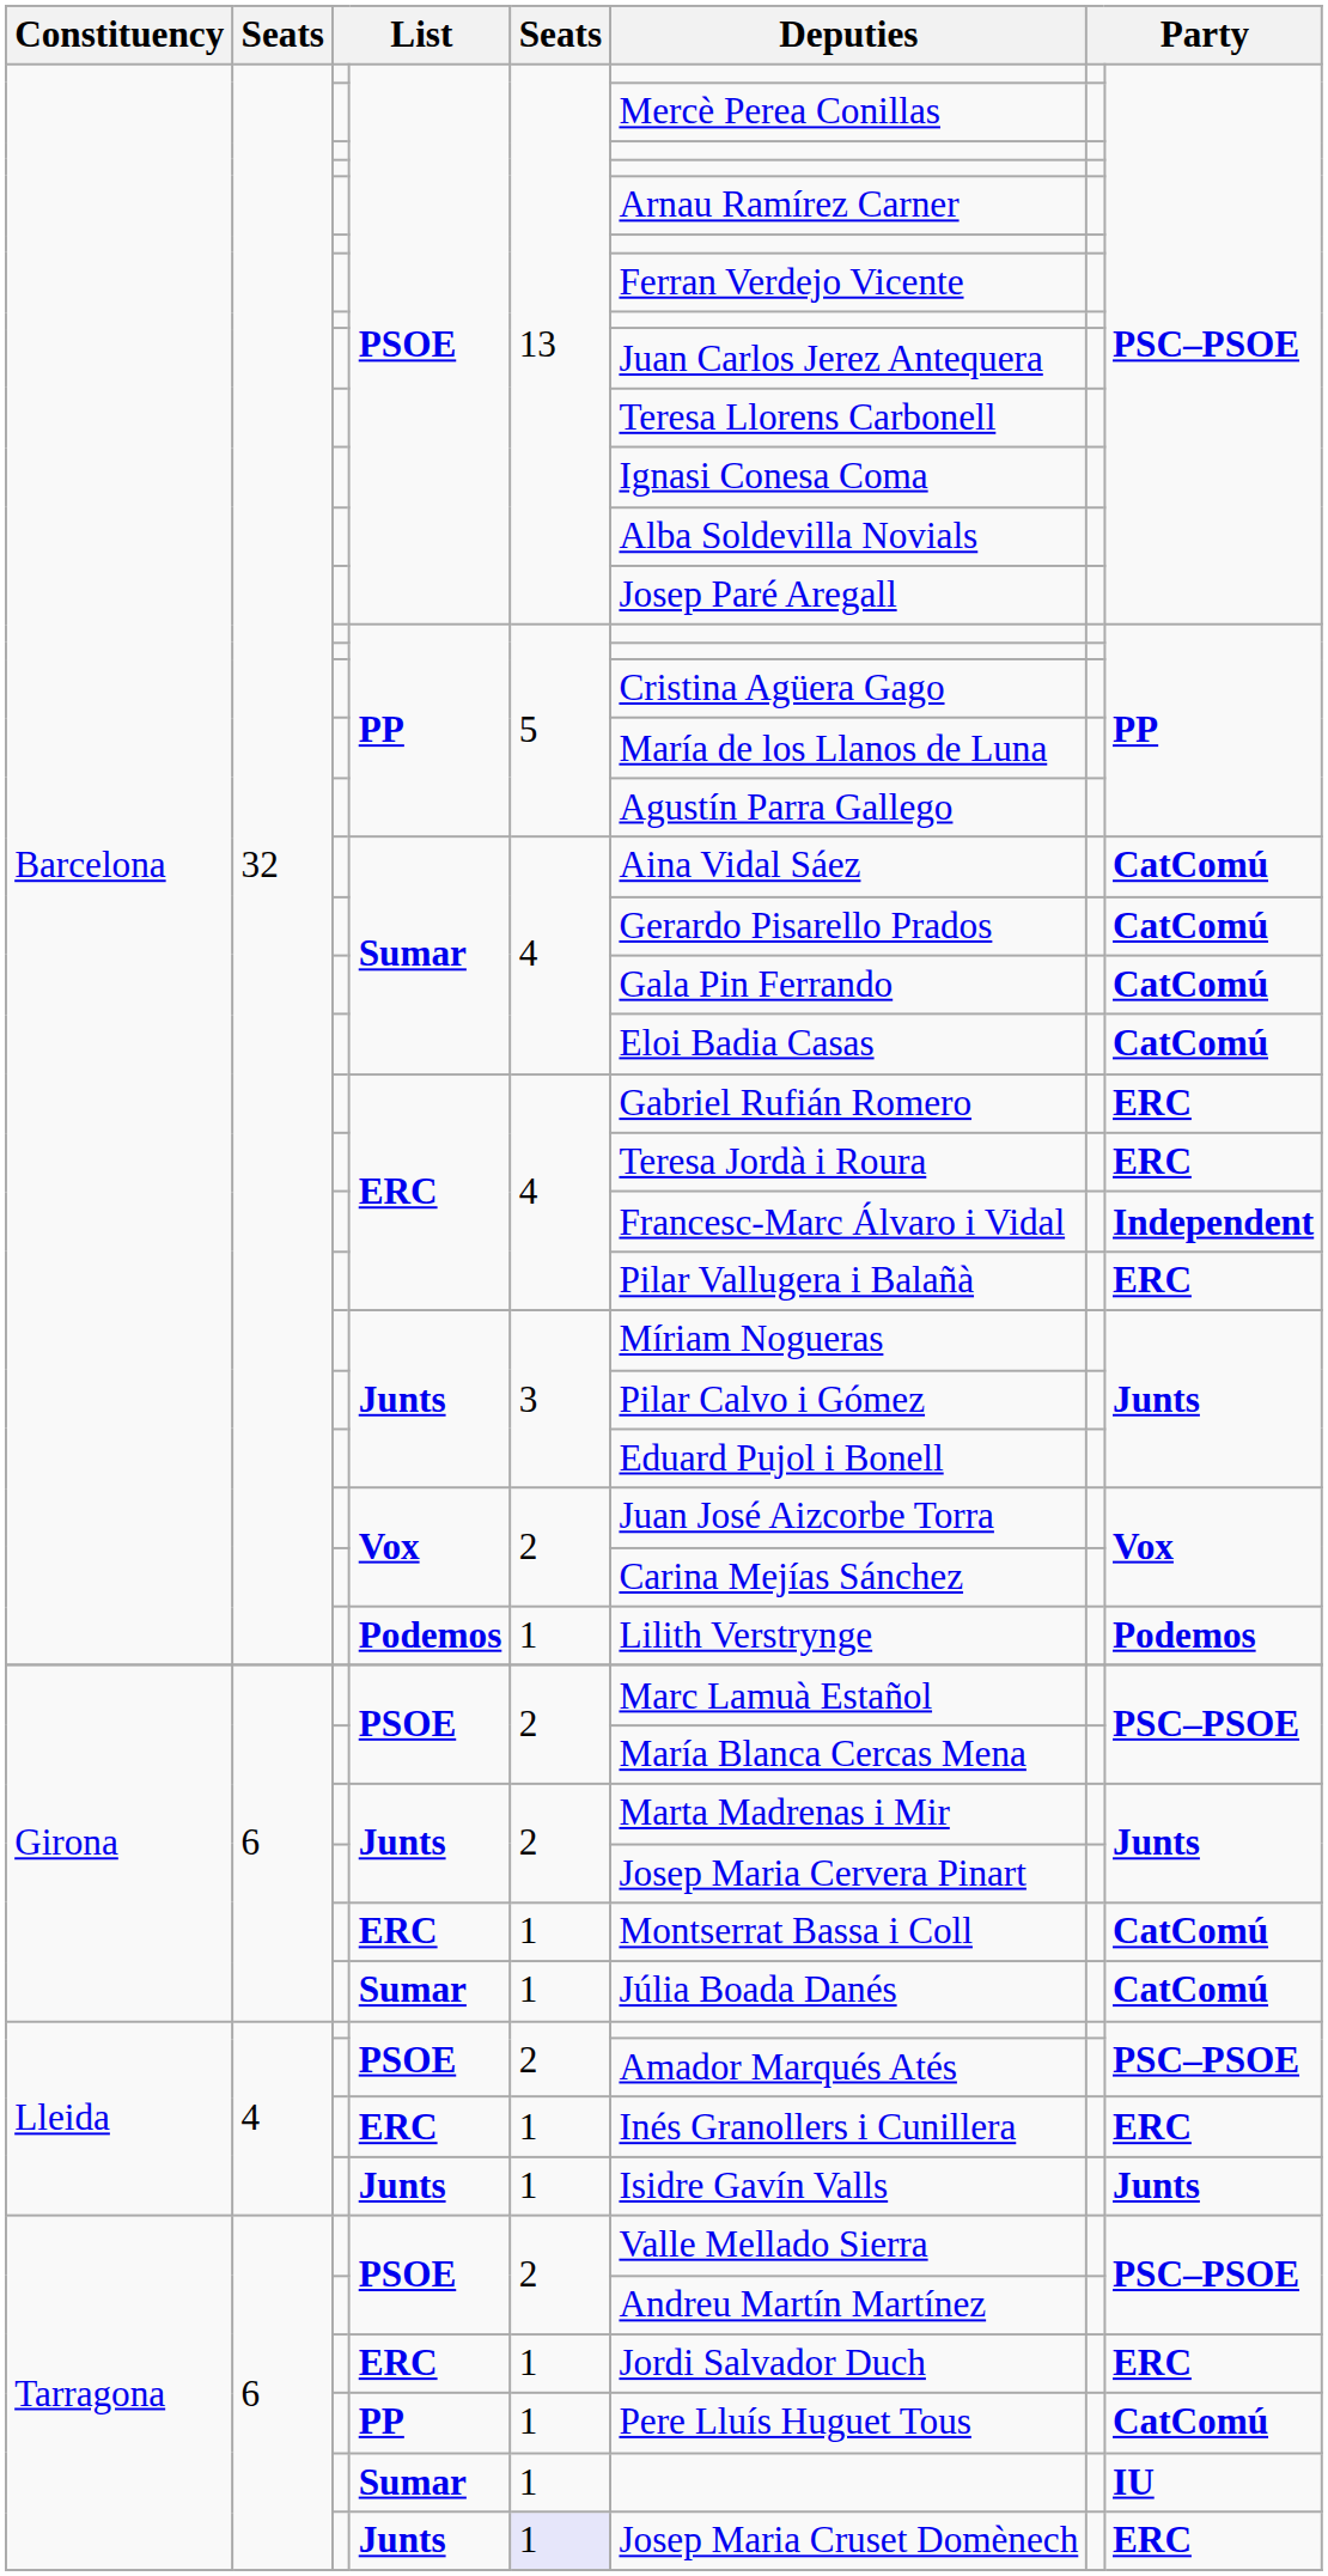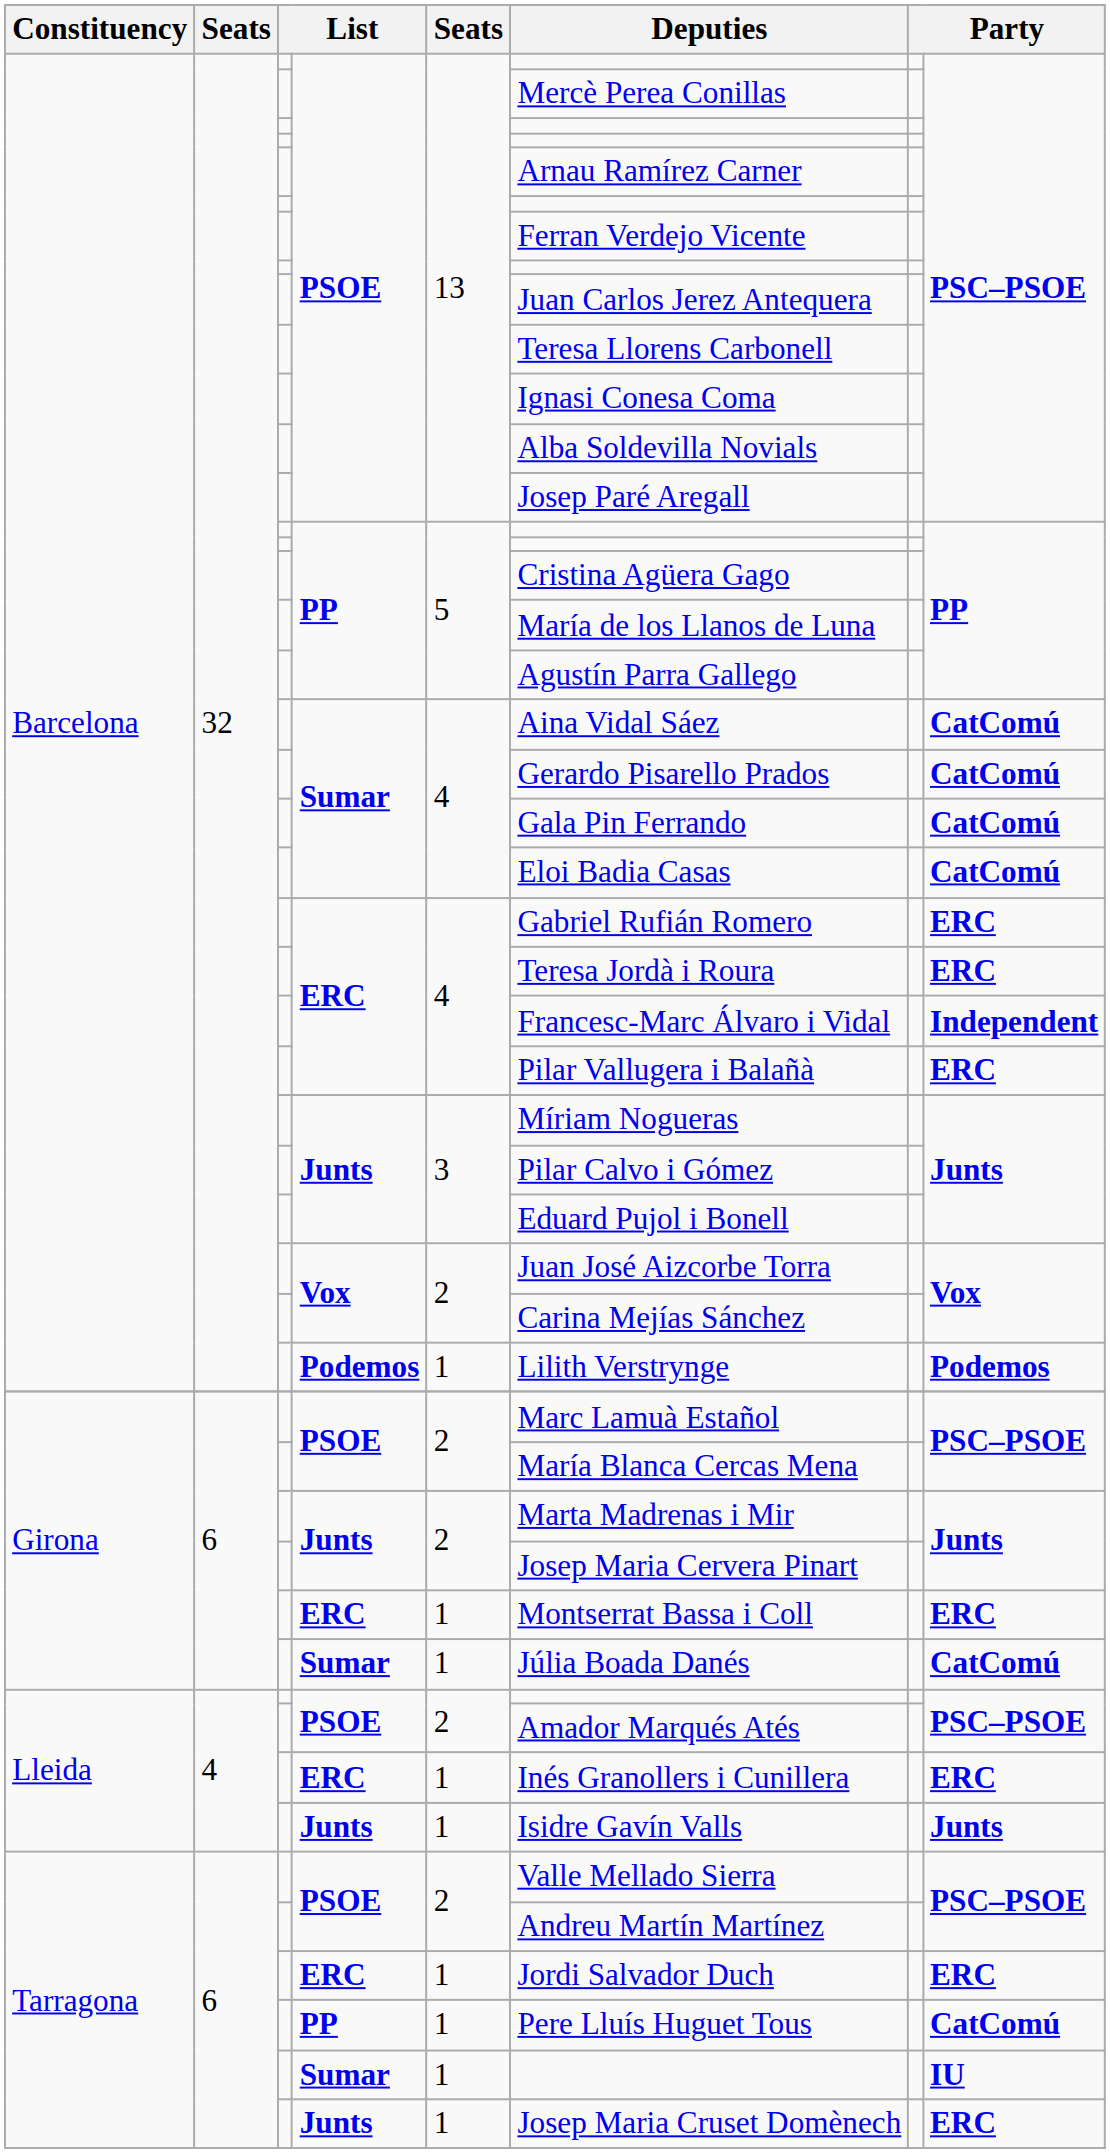 <table class="wikitable sortable">
 <tr>
 <th>Constituency</th>
 <th>Seats</th>
 <th colspan="2">List</th>
 <th>Seats</th>
 <th>Deputies</th>
 <th colspan="2">Party</th>
 </tr>
 <tr>
 <td rowspan="32"><a href='#'>Barcelona</a></td>
 <td rowspan="32">32</td>
 <td></td>
 <td rowspan="13"><strong><a href='#'>PSOE</a></strong></td>
 <td rowspan="13">13</td>
 <td></td>
 <td></td>
 <td rowspan="13"><strong><a href='#'>PSC–PSOE</a></strong></td>
 </tr>
 <tr>
 <td></td>
 <td><a href='#'>Mercè Perea Conillas</a></td>
 <td></td>
 </tr>
 <tr>
 <td></td>
 <td></td>
 <td></td>
 </tr>
 <tr>
 <td></td>
 <td></td>
 <td></td>
 </tr>
 <tr>
 <td></td>
 <td><a href='#'>Arnau Ramírez Carner</a></td>
 <td></td>
 </tr>
 <tr>
 <td></td>
 <td></td>
 <td></td>
 </tr>
 <tr>
 <td></td>
 <td><a href='#'>Ferran Verdejo Vicente</a></td>
 <td></td>
 </tr>
 <tr>
 <td></td>
 <td></td>
 <td></td>
 </tr>
 <tr>
 <td></td>
 <td><a href='#'>Juan Carlos Jerez Antequera</a></td>
 <td></td>
 </tr>
 <tr>
 <td></td>
 <td><a href='#'>Teresa Llorens Carbonell</a></td>
 <td></td>
 </tr>
 <tr>
 <td></td>
 <td><a href='#'>Ignasi Conesa Coma</a></td>
 <td></td>
 </tr>
 <tr>
 <td></td>
 <td><a href='#'>Alba Soldevilla Novials</a></td>
 <td></td>
 </tr>
 <tr>
 <td></td>
 <td><a href='#'>Josep Paré Aregall</a></td>
 <td></td>
 </tr>
 <tr>
 <td></td>
 <td rowspan="5"><strong><a href='#'>PP</a></strong></td>
 <td rowspan="5">5</td>
 <td></td>
 <td></td>
 <td rowspan="5"><strong><a href='#'>PP</a></strong></td>
 </tr>
 <tr>
 <td></td>
 <td></td>
 <td></td>
 </tr>
 <tr>
 <td></td>
 <td><a href='#'>Cristina Agüera Gago</a></td>
 <td></td>
 </tr>
 <tr>
 <td></td>
 <td><a href='#'>María de los Llanos de Luna</a></td>
 <td></td>
 </tr>
 <tr>
 <td></td>
 <td><a href='#'>Agustín Parra Gallego</a></td>
 <td></td>
 </tr>
 <tr>
 <td></td>
 <td rowspan="4"><strong><a href='#'>Sumar</a></strong></td>
 <td rowspan="4">4</td>
 <td><a href='#'>Aina Vidal Sáez</a></td>
 <td></td>
 <td><a href='#'><strong>CatComú</strong></a></td>
 </tr>
 <tr>
 <td></td>
 <td><a href='#'>Gerardo Pisarello Prados</a></td>
 <td></td>
 <td><a href='#'><strong>CatComú</strong></a></td>
 </tr>
 <tr>
 <td></td>
 <td><a href='#'>Gala Pin Ferrando</a></td>
 <td></td>
 <td><a href='#'><strong>CatComú</strong></a></td>
 </tr>
 <tr>
 <td></td>
 <td><a href='#'>Eloi Badia Casas</a></td>
 <td></td>
 <td><a href='#'><strong>CatComú</strong></a></td>
 </tr>
 <tr>
 <td></td>
 <td rowspan="4"><a href='#'><strong>ERC</strong></a></td>
 <td rowspan="4">4</td>
 <td><a href='#'>Gabriel Rufián Romero</a></td>
 <td></td>
 <td><a href='#'><strong>ERC</strong></a></td>
 </tr>
 <tr>
 <td></td>
 <td><a href='#'>Teresa Jordà i Roura</a></td>
 <td></td>
 <td><a href='#'><strong>ERC</strong></a></td>
 </tr>
 <tr>
 <td></td>
 <td><a href='#'>Francesc-Marc Álvaro i Vidal</a></td>
 <td></td>
 <td><strong><a href='#'>Independent</a></strong></td>
 </tr>
 <tr>
 <td></td>
 <td><a href='#'>Pilar Vallugera i Balañà</a></td>
 <td></td>
 <td><a href='#'><strong>ERC</strong></a></td>
 </tr>
 <tr>
 <td></td>
 <td rowspan="3"><a href='#'><strong>Junts</strong></a></td>
 <td rowspan="3">3</td>
 <td><a href='#'>Míriam Nogueras</a></td>
 <td></td>
 <td rowspan="3"><a href='#'><strong>Junts</strong></a></td>
 </tr>
 <tr>
 <td></td>
 <td><a href='#'>Pilar Calvo i Gómez</a></td>
 <td></td>
 </tr>
 <tr>
 <td></td>
 <td><a href='#'>Eduard Pujol i Bonell</a></td>
 <td></td>
 </tr>
 <tr>
 <td></td>
 <td rowspan="2"><strong><a href='#'>Vox</a></strong></td>
 <td rowspan="2">2</td>
 <td><a href='#'>Juan José Aizcorbe Torra</a></td>
 <td></td>
 <td rowspan="2"><strong><a href='#'>Vox</a></strong></td>
 </tr>
 <tr>
 <td></td>
 <td><a href='#'>Carina Mejías Sánchez</a></td>
 <td></td>
 </tr>
 <tr>
 <td></td>
 <td><strong><a href='#'>Podemos</a></strong></td>
 <td>1</td>
 <td><a href='#'>Lilith Verstrynge</a></td>
 <td></td>
 <td><strong><a href='#'>Podemos</a></strong></td>
 </tr>
 <tr>
 </tr>
 <tr>
 <td rowspan="6"><a href='#'>Girona</a></td>
 <td rowspan="6">6</td>
 <td></td>
 <td rowspan="2"><strong><a href='#'>PSOE</a></strong></td>
 <td rowspan="2">2</td>
 <td><a href='#'>Marc Lamuà Estañol</a></td>
 <td></td>
 <td rowspan="2"><strong><a href='#'>PSC–PSOE</a></strong></td>
 </tr>
 <tr>
 <td></td>
 <td><a href='#'>María Blanca Cercas Mena</a></td>
 <td></td>
 </tr>
 <tr>
 <td></td>
 <td rowspan="2"><a href='#'><strong>Junts</strong></a></td>
 <td rowspan="2">2</td>
 <td><a href='#'>Marta Madrenas i Mir</a></td>
 <td></td>
 <td rowspan="2"><a href='#'><strong>Junts</strong></a></td>
 </tr>
 <tr>
 <td></td>
 <td><a href='#'>Josep Maria Cervera Pinart</a></td>
 <td></td>
 </tr>
 <tr>
 <td></td>
 <td><a href='#'><strong>ERC</strong></a></td>
 <td>1</td>
 <td><a href='#'>Montserrat Bassa i Coll</a></td>
 <td></td>
-<td><a href='#'><strong>CatComú</strong></a></td>
+<td><a href='#'><strong>ERC</strong></a></td>
 </tr>
 <tr>
 <td></td>
 <td><strong><a href='#'>Sumar</a></strong></td>
 <td>1</td>
 <td><a href='#'>Júlia Boada Danés</a></td>
 <td></td>
 <td><a href='#'><strong>CatComú</strong></a></td>
 </tr>
 <tr>
 <td rowspan="4"><a href='#'>Lleida</a></td>
 <td rowspan="4">4</td>
 <td></td>
 <td rowspan="2"><strong><a href='#'>PSOE</a></strong></td>
 <td rowspan="2">2</td>
 <td></td>
 <td></td>
 <td rowspan="2"><strong><a href='#'>PSC–PSOE</a></strong></td>
 </tr>
 <tr>
 <td></td>
 <td><a href='#'>Amador Marqués Atés</a></td>
 <td></td>
 </tr>
 <tr>
 <td></td>
 <td><a href='#'><strong>ERC</strong></a></td>
 <td>1</td>
 <td><a href='#'>Inés Granollers i Cunillera</a></td>
 <td></td>
 <td><a href='#'><strong>ERC</strong></a></td>
 </tr>
 <tr>
 <td></td>
 <td><a href='#'><strong>Junts</strong></a></td>
 <td>1</td>
 <td><a href='#'>Isidre Gavín Valls</a></td>
 <td></td>
 <td><a href='#'><strong>Junts</strong></a></td>
 </tr>
 <tr>
 <td rowspan="6"><a href='#'>Tarragona</a></td>
 <td rowspan="6">6</td>
 <td></td>
 <td rowspan="2"><strong><a href='#'>PSOE</a></strong></td>
 <td rowspan="2">2</td>
 <td><a href='#'>Valle Mellado Sierra</a></td>
 <td></td>
 <td rowspan="2"><strong><a href='#'>PSC–PSOE</a></strong></td>
 </tr>
 <tr>
 <td></td>
 <td><a href='#'>Andreu Martín Martínez</a></td>
 <td></td>
 </tr>
 <tr>
 <td></td>
 <td><a href='#'><strong>ERC</strong></a></td>
 <td>1</td>
 <td><a href='#'>Jordi Salvador Duch</a></td>
 <td></td>
 <td><a href='#'><strong>ERC</strong></a></td>
 </tr>
 <tr>
 <td></td>
 <td><strong><a href='#'>PP</a></strong></td>
 <td>1</td>
 <td><a href='#'>Pere Lluís Huguet Tous</a></td>
 <td></td>
 <td><a href='#'><strong>CatComú</strong></a></td>
 </tr>
 <tr>
 <td></td>
 <td><strong><a href='#'>Sumar</a></strong></td>
 <td>1</td>
 <td></td>
 <td></td>
 <td><a href='#'><strong>IU</strong></a></td>
 </tr>
 <tr>
 <td></td>
 <td><a href='#'><strong>Junts</strong></a></td>
-<td style="background: lavender;">1</td>
+<td>1</td>
 <td><a href='#'>Josep Maria Cruset Domènech</a></td>
 <td></td>
 <td><a href='#'><strong>ERC</strong></a></td>
 </tr>
 </table>
